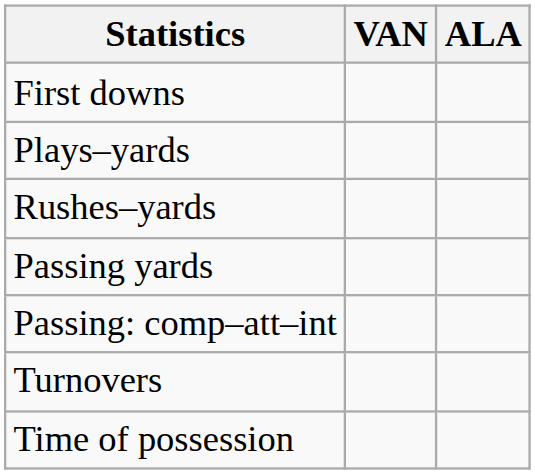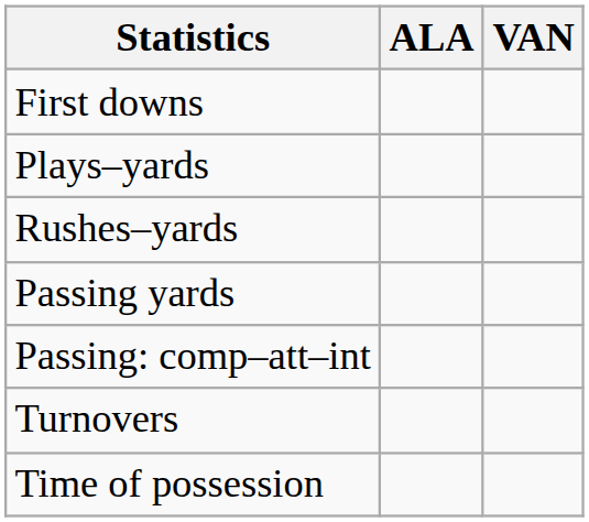 <table class="wikitable" style="float:left">
 <tr>
 <th>Statistics</th>
+<th>ALA</th>
 <th>VAN</th>
-<th>ALA</th>
 </tr>
 <tr>
 <td>First downs</td>
 <td></td>
 <td></td>
 </tr>
 <tr>
 <td>Plays–yards</td>
 <td></td>
 <td></td>
 </tr>
 <tr>
 <td>Rushes–yards</td>
 <td></td>
 <td></td>
 </tr>
 <tr>
 <td>Passing yards</td>
 <td></td>
 <td></td>
 </tr>
 <tr>
 <td>Passing: comp–att–int</td>
 <td></td>
 <td></td>
 </tr>
 <tr>
 <td>Turnovers</td>
 <td></td>
 <td></td>
 </tr>
 <tr>
 <td>Time of possession</td>
 <td></td>
 <td></td>
 </tr>
 </table>
